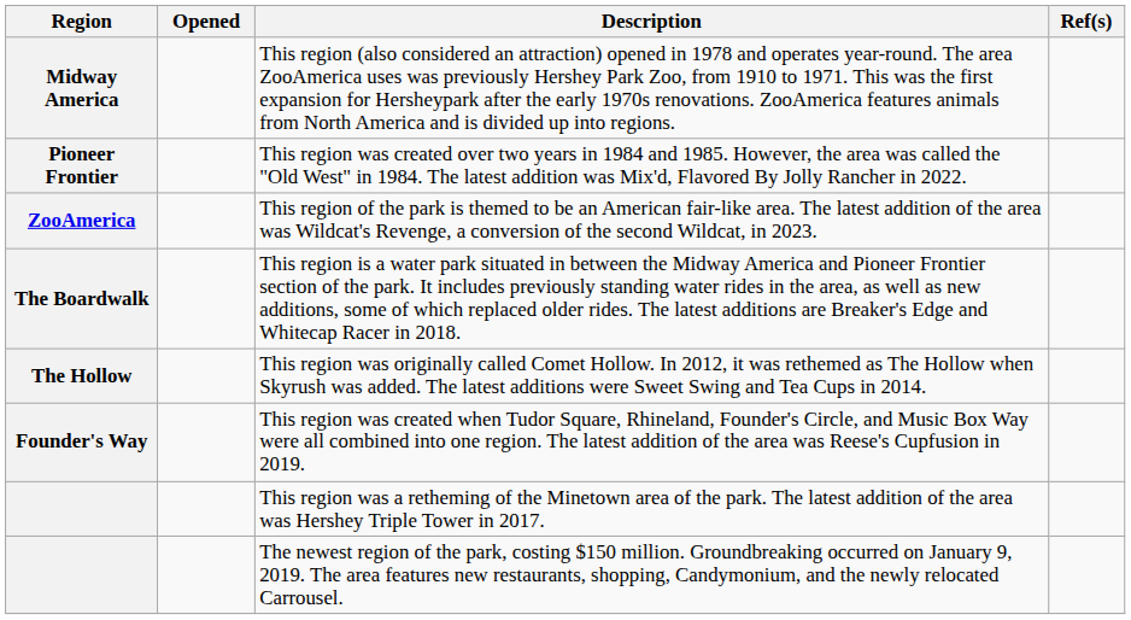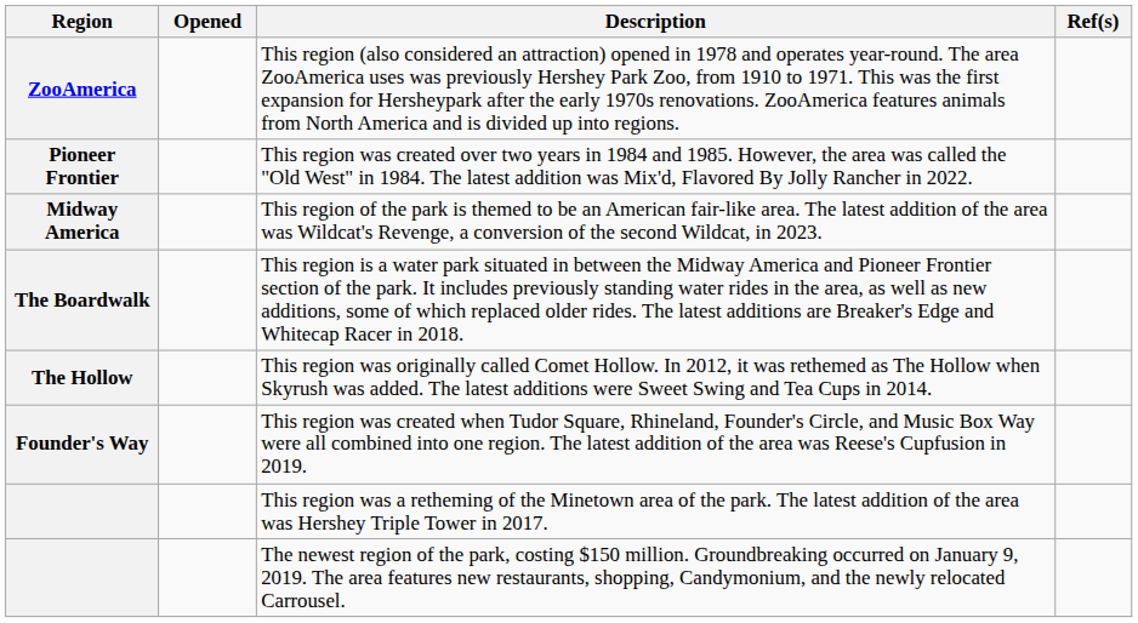 <table class="wikitable" border="1" width=70%>
 <tr>
 <th width=10%>Region</th>
 <th width=5.75%>Opened</th>
 <th width=54% class="unsortable">Description</th>
 <th width=4.3% class="unsortable">Ref(s)</th>
 </tr>
 <tr>
-<th>Midway America</th>
+<th><a href='#'>ZooAmerica</a></th>
 <td></td>
 <td>This region (also considered an attraction) opened in 1978 and operates year-round. The area ZooAmerica uses was previously Hershey Park Zoo, from 1910 to 1971. This was the first expansion for Hersheypark after the early 1970s renovations. ZooAmerica features animals from North America and is divided up into regions.</td>
 <td></td>
 </tr>
 <tr>
 <th>Pioneer Frontier</th>
 <td></td>
 <td>This region was created over two years in 1984 and 1985. However, the area was called the "Old West" in 1984. The latest addition was Mix'd, Flavored By Jolly Rancher in 2022.</td>
 <td></td>
 </tr>
 <tr>
-<th><a href='#'>ZooAmerica</a></th>
+<th>Midway America</th>
 <td></td>
 <td>This region of the park is themed to be an American fair-like area. The latest addition of the area was Wildcat's Revenge, a conversion of the second Wildcat, in 2023.</td>
 <td></td>
 </tr>
 <tr>
 <th>The Boardwalk</th>
 <td></td>
 <td>This region is a water park situated in between the Midway America and Pioneer Frontier section of the park. It includes previously standing water rides in the area, as well as new additions, some of which replaced older rides. The latest additions are Breaker's Edge and Whitecap Racer in 2018.</td>
 <td></td>
 </tr>
 <tr>
 <th>The Hollow</th>
 <td></td>
 <td>This region was originally called Comet Hollow. In 2012, it was rethemed as The Hollow when Skyrush was added. The latest additions were Sweet Swing and Tea Cups in 2014.</td>
 <td></td>
 </tr>
 <tr>
 <th>Founder's Way</th>
 <td></td>
 <td>This region was created when Tudor Square, Rhineland, Founder's Circle, and Music Box Way were all combined into one region. The latest addition of the area was Reese's Cupfusion in 2019.</td>
 <td></td>
 </tr>
 <tr>
 <th></th>
 <td></td>
 <td>This region was a retheming of the Minetown area of the park. The latest addition of the area was Hershey Triple Tower in 2017.</td>
 <td></td>
 </tr>
 <tr>
 <th></th>
 <td></td>
 <td>The newest region of the park, costing $150 million. Groundbreaking occurred on January 9, 2019. The area features new restaurants, shopping, Candymonium, and the newly relocated Carrousel.</td>
 <td></td>
 </tr>
 <tr>
 </tr>
 </table>
